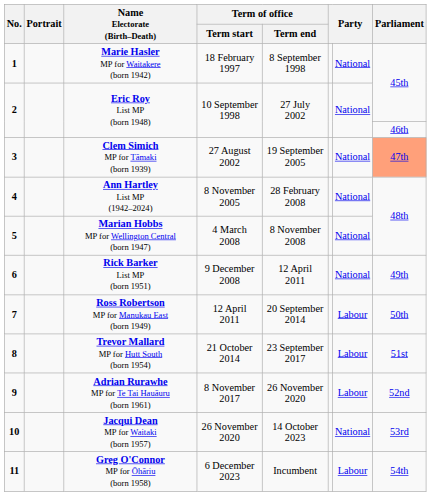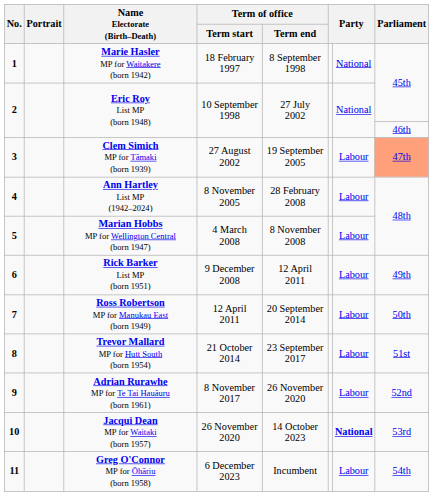 <table class="wikitable" style="text-align:center">
 <tr>
 <th rowspan="2">No.</th>
 <th rowspan="2" scope="col">Portrait</th>
 <th rowspan="2" scope="col" width="200px">Name<br><small>Electorate<br>(Birth–Death)</small></th>
 <th colspan="2" scope="col" width="100px">Term of office</th>
 <th colspan="2" rowspan="2">Party</th>
 <th rowspan="2">Parliament</th>
 </tr>
 <tr>
 <th width="95px">Term start</th>
 <th width="95px">Term end</th>
 </tr>
 <tr>
 <td><strong>1</strong></td>
 <td></td>
 <td><strong><a href='#'>Marie Hasler</a></strong><br><small>MP for <a href='#'>Waitakere</a></small><br><small>(born 1942)</small></td>
 <td>18 February<br>1997</td>
 <td>8 September<br>1998</td>
 <td style="background:"></td>
 <td><a href='#'>National</a></td>
 <td rowspan="2"><a href='#'>45th</a><wbr></td>
 </tr>
 <tr style="height:60px">
 <td rowspan="2"><strong>2</strong></td>
 <td rowspan="2"></td>
 <td rowspan="2"><a href='#'><strong>Eric Roy</strong></a><br><small>List MP</small><br><small>(born 1948)</small></td>
 <td rowspan="2">10 September<br>1998</td>
 <td rowspan="2">27 July<br>2002</td>
 <td rowspan="2" style="background:"></td>
 <td rowspan="2"><a href='#'>National</a></td>
 </tr>
 <tr>
 <td><a href='#'>46th</a></td>
 </tr>
 <tr>
 <td><strong>3</strong></td>
 <td></td>
 <td><strong><a href='#'>Clem Simich</a></strong><br><small>MP for <a href='#'>Tāmaki</a></small><br><small>(born 1939)</small></td>
 <td>27 August<br>2002</td>
 <td>19 September<br>2005</td>
 <td style="background:"></td>
-<td><a href='#'>National</a></td>
+<td><a href='#'>Labour</a></td>
 <td style="background: lightsalmon;"><a href='#'>47th</a><wbr></td>
 </tr>
 <tr>
 <td><strong>4</strong></td>
 <td></td>
 <td><strong><a href='#'>Ann Hartley</a></strong><br><small>List MP</small><br><small>(1942–2024)</small></td>
 <td>8 November<br>2005</td>
 <td>28 February<br>2008</td>
 <td style="background:"></td>
-<td><a href='#'>National</a></td>
+<td><a href='#'>Labour</a></td>
 <td rowspan="2"><a href='#'>48th</a></td>
 </tr>
 <tr>
 <td><strong>5</strong></td>
 <td></td>
 <td><strong><a href='#'>Marian Hobbs</a></strong><br><small>MP for <a href='#'>Wellington Central</a></small><br><small>(born 1947)</small></td>
 <td>4 March<br>2008</td>
 <td>8 November<br>2008</td>
 <td style="background:"></td>
-<td><a href='#'>National</a></td>
+<td><a href='#'>Labour</a></td>
 </tr>
 <tr>
 <td><strong>6</strong></td>
 <td></td>
 <td><strong><a href='#'>Rick Barker</a></strong><br><small>List MP</small><br><small>(born 1951)</small></td>
 <td>9 December<br>2008</td>
 <td>12 April<br>2011</td>
 <td style="background:"></td>
-<td><a href='#'>National</a></td>
+<td><a href='#'>Labour</a></td>
 <td><a href='#'>49th</a></td>
 </tr>
 <tr>
 <td><strong>7</strong></td>
 <td></td>
 <td><strong><a href='#'>Ross Robertson</a></strong><br><small>MP for <a href='#'>Manukau East</a></small><br><small>(born 1949)</small></td>
 <td>12 April<br>2011</td>
 <td>20 September<br>2014</td>
 <td style="background:"></td>
 <td><a href='#'>Labour</a></td>
 <td><a href='#'>50th</a></td>
 </tr>
 <tr>
 <td><strong>8</strong></td>
 <td></td>
 <td><strong><a href='#'>Trevor Mallard</a></strong><small><br>MP for <a href='#'>Hutt South</a></small><br><small>(born 1954)</small></td>
 <td>21 October<br>2014</td>
 <td>23 September<br>2017</td>
 <td style="background:"></td>
 <td><a href='#'>Labour</a></td>
 <td><a href='#'>51st</a></td>
 </tr>
 <tr>
 <td><strong>9</strong></td>
 <td></td>
 <td><strong><a href='#'>Adrian Rurawhe</a></strong><small><br>MP for <a href='#'>Te Tai Hauāuru</a></small><br><small>(born 1961)</small></td>
 <td>8 November<br>2017</td>
 <td>26 November<br>2020</td>
 <td style="background:"></td>
 <td><a href='#'>Labour</a></td>
 <td><a href='#'>52nd</a></td>
 </tr>
 <tr>
 <td><strong>10</strong></td>
 <td></td>
 <td><strong><a href='#'>Jacqui Dean</a></strong><small><br>MP for <a href='#'>Waitaki</a></small><br><small>(born 1957)</small></td>
 <td>26 November<br>2020</td>
 <td>14 October<br>2023</td>
 <td style="background:"></td>
-<td><a href='#'>National</a></td>
+<td><strong><a href='#'>National</a></strong></td>
 <td><a href='#'>53rd</a></td>
 </tr>
 <tr>
 <td><strong>11</strong></td>
 <td></td>
 <td><strong><a href='#'>Greg O'Connor</a></strong><small><br>MP for <a href='#'>Ōhāriu</a></small><br><small>(born 1958)</small></td>
 <td>6 December<br>2023</td>
 <td>Incumbent</td>
 <td style="background:"></td>
 <td><a href='#'>Labour</a></td>
 <td><a href='#'>54th</a></td>
 </tr>
 </table>
